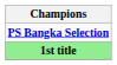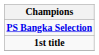 <table class="wikitable" style="text-align: center; margin: 0 auto;">
 <tr>
 <th>Champions</th>
 </tr>
 <tr>
 <td><strong><a href='#'>PS Bangka Selection</a></strong></td>
 </tr>
 <tr>
-<td style="background: lightgreen;"><strong>1st title</strong></td>
+<td><strong>1st title</strong></td>
 </tr>
 <tr>
 </tr>
 </table>
